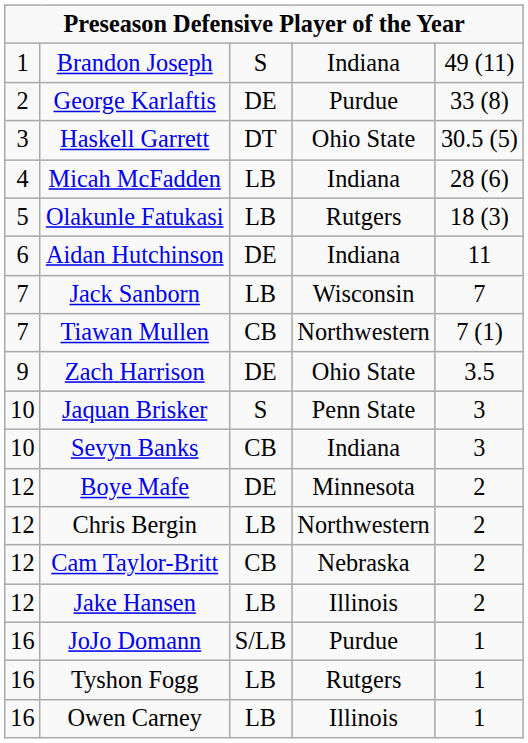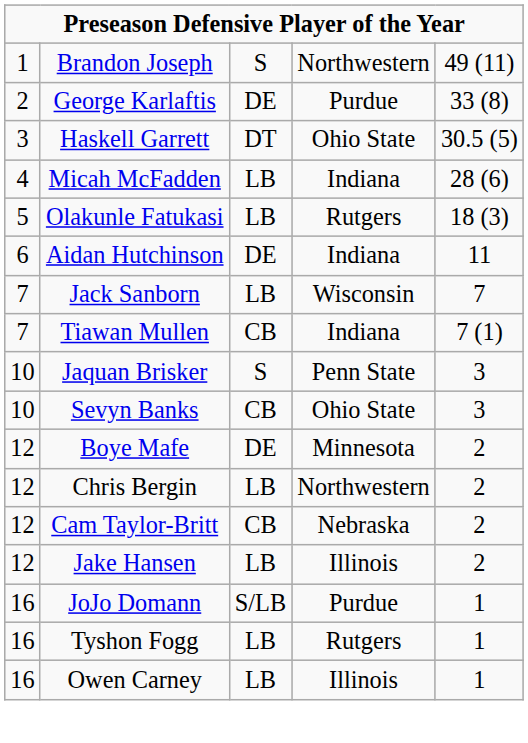 <table class="wikitable" style="display: inline-table;">
 <tr align="center">
 <td align="center" Colspan="5"><strong>Preseason Defensive Player of the Year</strong><br></td>
 </tr>
 <tr align="center">
 <td>1</td>
 <td><a href='#'>Brandon Joseph</a></td>
 <td>S</td>
-<td>Indiana</td>
+<td>Northwestern</td>
 <td>49 (11)</td>
 </tr>
 <tr align="center">
 <td>2</td>
 <td><a href='#'>George Karlaftis</a></td>
 <td>DE</td>
 <td>Purdue</td>
 <td>33 (8)</td>
 </tr>
 <tr align="center">
 <td>3</td>
 <td><a href='#'>Haskell Garrett</a></td>
 <td>DT</td>
 <td>Ohio State</td>
 <td>30.5 (5)</td>
 </tr>
 <tr align="center">
 <td>4</td>
 <td><a href='#'>Micah McFadden</a></td>
 <td>LB</td>
 <td>Indiana</td>
 <td>28 (6)</td>
 </tr>
 <tr align="center">
 <td>5</td>
 <td><a href='#'>Olakunle Fatukasi</a></td>
 <td>LB</td>
 <td>Rutgers</td>
 <td>18 (3)</td>
 </tr>
 <tr align="center">
 <td>6</td>
 <td><a href='#'>Aidan Hutchinson</a></td>
 <td>DE</td>
 <td>Indiana</td>
 <td>11</td>
 </tr>
 <tr align="center">
 <td>7</td>
 <td><a href='#'>Jack Sanborn</a></td>
 <td>LB</td>
 <td>Wisconsin</td>
 <td>7</td>
 </tr>
 <tr align="center">
 <td>7</td>
 <td><a href='#'>Tiawan Mullen</a></td>
 <td>CB</td>
-<td>Northwestern</td>
+<td>Indiana</td>
 <td>7 (1)</td>
-</tr>
-<tr align="center">
-<td>9</td>
-<td><a href='#'>Zach Harrison</a></td>
-<td>DE</td>
-<td>Ohio State</td>
-<td>3.5</td>
 </tr>
 <tr align="center">
 <td>10</td>
 <td><a href='#'>Jaquan Brisker</a></td>
 <td>S</td>
 <td>Penn State</td>
 <td>3</td>
 </tr>
 <tr align="center">
 <td>10</td>
 <td><a href='#'>Sevyn Banks</a></td>
 <td>CB</td>
-<td>Indiana</td>
+<td>Ohio State</td>
 <td>3</td>
 </tr>
 <tr align="center">
 <td>12</td>
 <td><a href='#'>Boye Mafe</a></td>
 <td>DE</td>
 <td>Minnesota</td>
 <td>2</td>
 </tr>
 <tr align="center">
 <td>12</td>
 <td>Chris Bergin</td>
 <td>LB</td>
 <td>Northwestern</td>
 <td>2</td>
 </tr>
 <tr align="center">
 <td>12</td>
 <td><a href='#'>Cam Taylor-Britt</a></td>
 <td>CB</td>
 <td>Nebraska</td>
 <td>2</td>
 </tr>
 <tr align="center">
 <td>12</td>
 <td><a href='#'>Jake Hansen</a></td>
 <td>LB</td>
 <td>Illinois</td>
 <td>2</td>
 </tr>
 <tr align="center">
 <td>16</td>
 <td><a href='#'>JoJo Domann</a></td>
 <td>S/LB</td>
 <td>Purdue</td>
 <td>1</td>
 </tr>
 <tr align="center">
 <td>16</td>
 <td>Tyshon Fogg</td>
 <td>LB</td>
 <td>Rutgers</td>
 <td>1</td>
 </tr>
 <tr align="center">
 <td>16</td>
 <td>Owen Carney</td>
 <td>LB</td>
 <td>Illinois</td>
 <td>1</td>
 </tr>
 </table>
